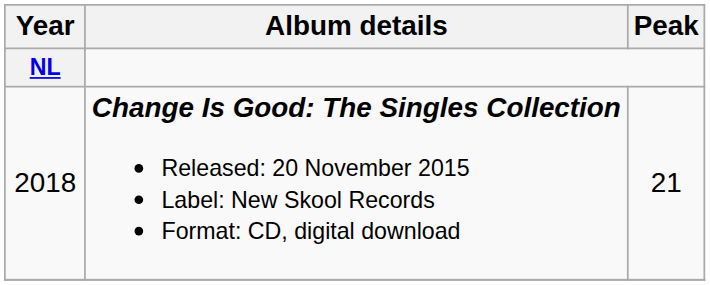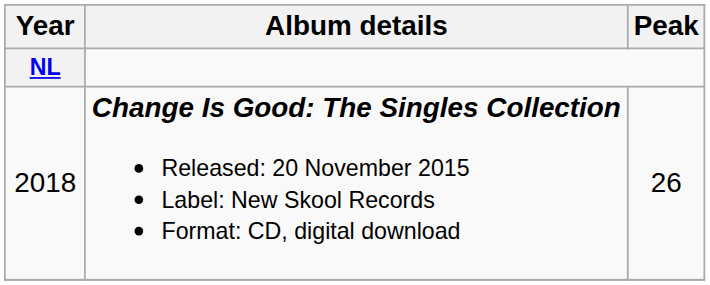 <table class="wikitable" style="text-align: center;">
 <tr>
 <th rowspan="2">Year</th>
 <th rowspan="2">Album details</th>
 <th>Peak</th>
 </tr>
 <tr>
 </tr>
 <tr style="font-size: smaller;">
 <th style="width:40px;"><a href='#'>NL</a></th>
 </tr>
 <tr>
 <td>2018</td>
 <td style="text-align:left;"><strong><em>Change Is Good: The Singles Collection</em></strong><br><ul><li><small>Released: 20 November 2015</small></li><li><small>Label: New Skool Records</small></li><li><small>Format: CD, digital download</small></li></ul></td>
-<td>21</td>
+<td>26</td>
 </tr>
 <tr>
 </tr>
 </table>
